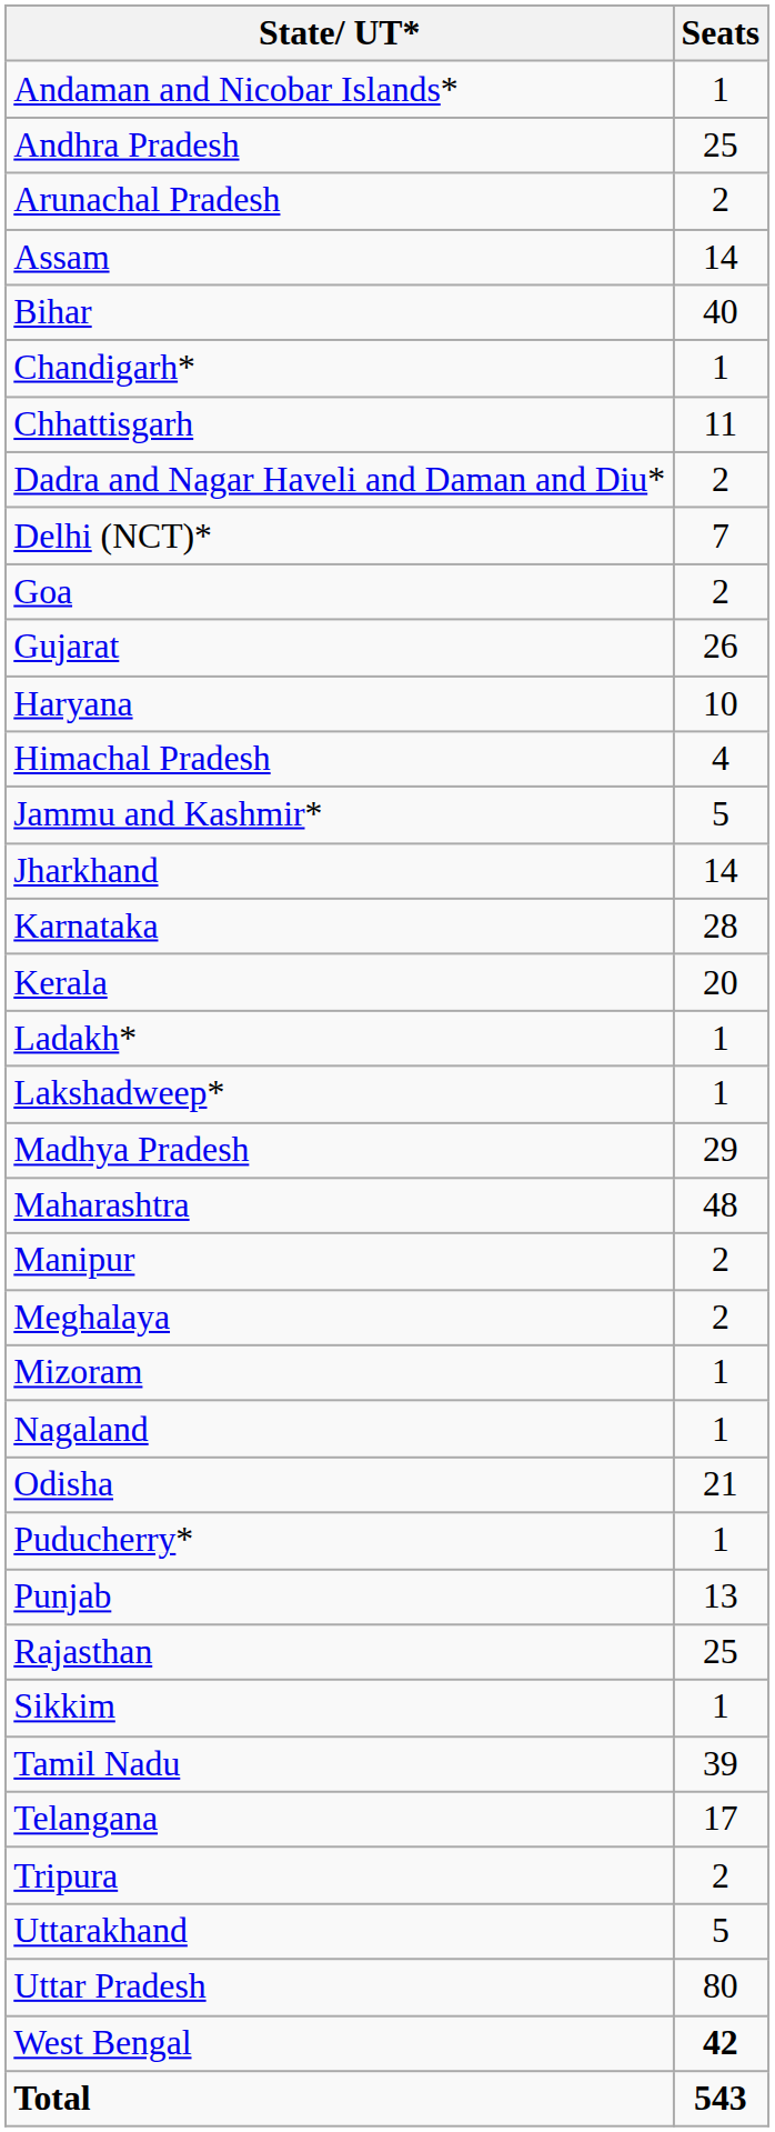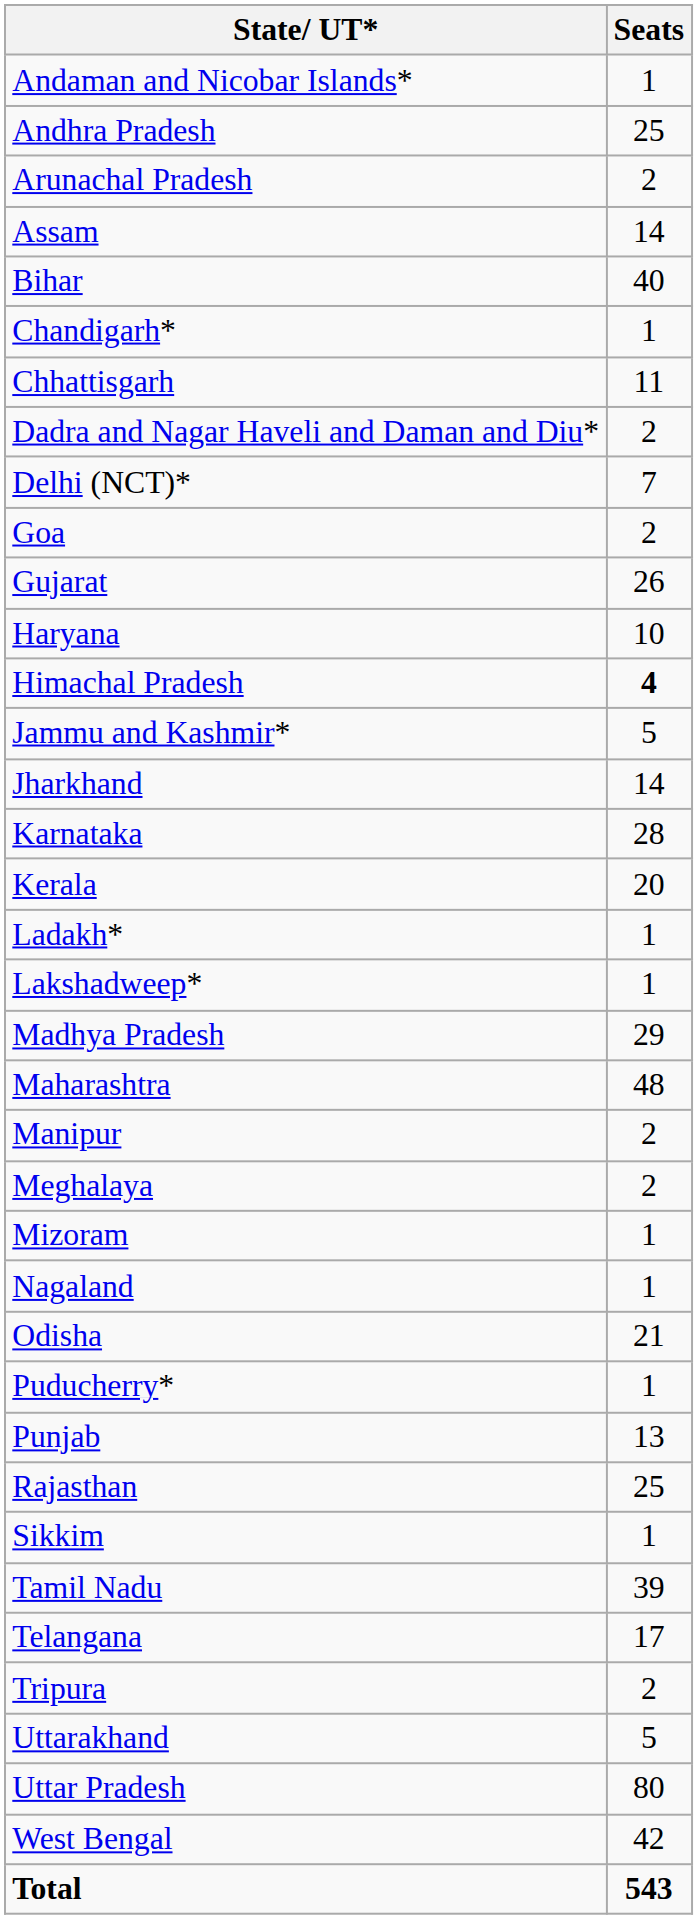 <table class="sortable wikitable" style="text-align:left;">
 <tr>
 <th>State/ UT*</th>
 <th>Seats</th>
 </tr>
 <tr>
 <td><a href='#'>Andaman and Nicobar Islands</a>*</td>
 <td style="text-align:center;">1</td>
 </tr>
 <tr>
 <td><a href='#'>Andhra Pradesh</a></td>
 <td style="text-align:center;">25</td>
 </tr>
 <tr>
 <td><a href='#'>Arunachal Pradesh</a></td>
 <td style="text-align:center;">2</td>
 </tr>
 <tr>
 <td><a href='#'>Assam</a></td>
 <td style="text-align:center;">14</td>
 </tr>
 <tr>
 <td><a href='#'>Bihar</a></td>
 <td style="text-align:center;">40</td>
 </tr>
 <tr>
 <td><a href='#'>Chandigarh</a>*</td>
 <td style="text-align:center;">1</td>
 </tr>
 <tr>
 <td><a href='#'>Chhattisgarh</a></td>
 <td style="text-align:center;">11</td>
 </tr>
 <tr>
 <td><a href='#'>Dadra and Nagar Haveli and Daman and Diu</a>*</td>
 <td style="text-align:center;">2</td>
 </tr>
 <tr>
 <td><a href='#'>Delhi</a> (NCT)*</td>
 <td style="text-align:center;">7</td>
 </tr>
 <tr>
 <td><a href='#'>Goa</a></td>
 <td style="text-align:center;">2</td>
 </tr>
 <tr>
 <td><a href='#'>Gujarat</a></td>
 <td style="text-align:center;">26</td>
 </tr>
 <tr>
 <td><a href='#'>Haryana</a></td>
 <td style="text-align:center;">10</td>
 </tr>
 <tr>
 <td><a href='#'>Himachal Pradesh</a></td>
-<td style="text-align:center;">4</td>
+<td style="text-align:center;"><strong>4</strong></td>
 </tr>
 <tr>
 <td><a href='#'>Jammu and Kashmir</a>*</td>
 <td style="text-align:center;">5</td>
 </tr>
 <tr>
 <td><a href='#'>Jharkhand</a></td>
 <td style="text-align:center;">14</td>
 </tr>
 <tr>
 <td><a href='#'>Karnataka</a></td>
 <td style="text-align:center;">28</td>
 </tr>
 <tr>
 <td><a href='#'>Kerala</a></td>
 <td style="text-align:center;">20</td>
 </tr>
 <tr>
 <td><a href='#'>Ladakh</a>*</td>
 <td style="text-align:center;">1</td>
 </tr>
 <tr>
 <td><a href='#'>Lakshadweep</a>*</td>
 <td style="text-align:center;">1</td>
 </tr>
 <tr>
 <td><a href='#'>Madhya Pradesh</a></td>
 <td style="text-align:center;">29</td>
 </tr>
 <tr>
 <td><a href='#'>Maharashtra</a></td>
 <td style="text-align:center;">48</td>
 </tr>
 <tr>
 <td><a href='#'>Manipur</a></td>
 <td style="text-align:center;">2</td>
 </tr>
 <tr>
 <td><a href='#'>Meghalaya</a></td>
 <td style="text-align:center;">2</td>
 </tr>
 <tr>
 <td><a href='#'>Mizoram</a></td>
 <td style="text-align:center;">1</td>
 </tr>
 <tr>
 <td><a href='#'>Nagaland</a></td>
 <td style="text-align:center;">1</td>
 </tr>
 <tr>
 <td><a href='#'>Odisha</a></td>
 <td style="text-align:center;">21</td>
 </tr>
 <tr>
 <td><a href='#'>Puducherry</a>*</td>
 <td style="text-align:center;">1</td>
 </tr>
 <tr>
 <td><a href='#'>Punjab</a></td>
 <td style="text-align:center;">13</td>
 </tr>
 <tr>
 <td><a href='#'>Rajasthan</a></td>
 <td style="text-align:center;">25</td>
 </tr>
 <tr>
 <td><a href='#'>Sikkim</a></td>
 <td style="text-align:center;">1</td>
 </tr>
 <tr>
 <td><a href='#'>Tamil Nadu</a></td>
 <td style="text-align:center;">39</td>
 </tr>
 <tr>
 <td><a href='#'>Telangana</a></td>
 <td style="text-align:center;">17</td>
 </tr>
 <tr>
 <td><a href='#'>Tripura</a></td>
 <td style="text-align:center;">2</td>
 </tr>
 <tr>
 <td><a href='#'>Uttarakhand</a></td>
 <td style="text-align:center;">5</td>
 </tr>
 <tr>
 <td><a href='#'>Uttar Pradesh</a></td>
 <td style="text-align:center;">80</td>
 </tr>
 <tr>
 <td><a href='#'>West Bengal</a></td>
-<td style="text-align:center;"><strong>42</strong></td>
+<td style="text-align:center;">42</td>
 </tr>
 <tr>
 <td><strong>Total</strong></td>
 <td style="text-align:center;"><strong>543</strong></td>
 </tr>
 </table>
